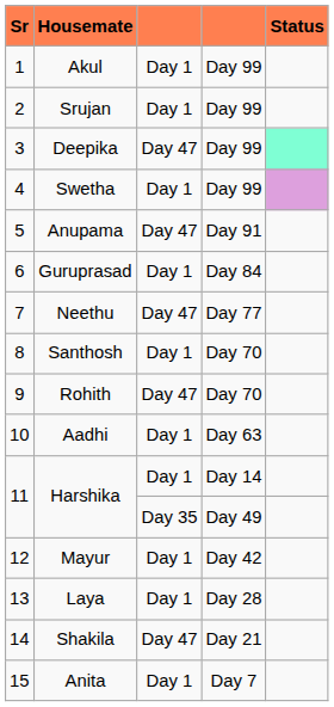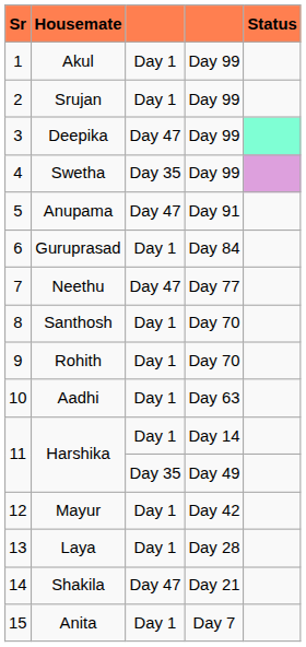 <table class="wikitable sortable" style=" text-align:center; font-size:85%;  line-height:25px; width:auto;">
 <tr>
 <th scope="col" style="background:#FF7F50; color:#000;">Sr</th>
 <th scope="col" style="background:#FF7F50; color:#000;">Housemate</th>
 <th scope="col" style="background:#FF7F50; color:#000;"></th>
 <th scope="col" style="background:#FF7F50; color:#000;"></th>
 <th scope="col" style="background:#FF7F50; color:#000;">Status</th>
 </tr>
 <tr>
 <td>1</td>
 <td>Akul</td>
 <td>Day 1</td>
 <td>Day 99</td>
 <td></td>
 </tr>
 <tr>
 <td>2</td>
 <td>Srujan</td>
 <td>Day 1</td>
 <td>Day 99</td>
 <td></td>
 </tr>
 <tr>
 <td>3</td>
 <td>Deepika</td>
 <td>Day 47</td>
 <td>Day 99</td>
 <td style="background:#7FFFD4;"></td>
 </tr>
 <tr>
 <td>4</td>
 <td>Swetha</td>
-<td>Day 1</td>
+<td>Day 35</td>
 <td>Day 99</td>
 <td style="background:#DDA0DD"></td>
 </tr>
 <tr>
 <td>5</td>
 <td>Anupama</td>
 <td>Day 47</td>
 <td>Day 91</td>
 <td></td>
 </tr>
 <tr>
 <td>6</td>
 <td>Guruprasad</td>
 <td>Day 1</td>
 <td>Day 84</td>
 <td></td>
 </tr>
 <tr>
 <td>7</td>
 <td>Neethu</td>
 <td>Day 47</td>
 <td>Day 77</td>
 <td></td>
 </tr>
 <tr>
 <td>8</td>
 <td>Santhosh</td>
 <td>Day 1</td>
 <td>Day 70</td>
 <td></td>
 </tr>
 <tr>
 <td>9</td>
 <td>Rohith</td>
-<td>Day 47</td>
+<td>Day 1</td>
 <td>Day 70</td>
 <td></td>
 </tr>
 <tr>
 <td>10</td>
 <td>Aadhi</td>
 <td>Day 1</td>
 <td>Day 63</td>
 <td></td>
 </tr>
 <tr>
 <td rowspan="2">11</td>
 <td rowspan="2">Harshika</td>
 <td>Day 1</td>
 <td>Day 14</td>
 <td></td>
 </tr>
 <tr>
 <td>Day 35</td>
 <td>Day 49</td>
 <td></td>
 </tr>
 <tr>
 <td>12</td>
 <td>Mayur</td>
 <td>Day 1</td>
 <td>Day 42</td>
 <td></td>
 </tr>
 <tr>
 <td>13</td>
 <td>Laya</td>
 <td>Day 1</td>
 <td>Day 28</td>
 <td></td>
 </tr>
 <tr>
 <td>14</td>
 <td>Shakila</td>
 <td>Day 47</td>
 <td>Day 21</td>
 <td></td>
 </tr>
 <tr>
 <td>15</td>
 <td>Anita</td>
 <td>Day 1</td>
 <td>Day 7</td>
 <td></td>
 </tr>
 </table>
